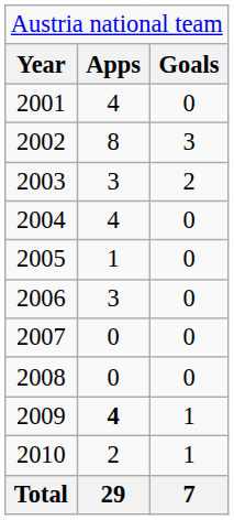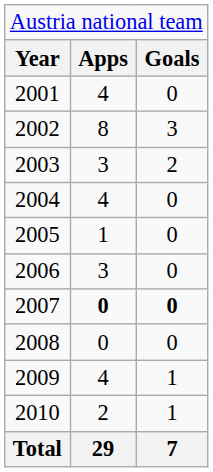 <table class="wikitable" style="text-align:center">
 <tr>
 <td colspan="3"><a href='#'>Austria national team</a></td>
 </tr>
 <tr>
 <th>Year</th>
 <th>Apps</th>
 <th>Goals</th>
 </tr>
 <tr>
 <td>2001</td>
 <td>4</td>
 <td>0</td>
 </tr>
 <tr>
 <td>2002</td>
 <td>8</td>
 <td>3</td>
 </tr>
 <tr>
 <td>2003</td>
 <td>3</td>
 <td>2</td>
 </tr>
 <tr>
 <td>2004</td>
 <td>4</td>
 <td>0</td>
 </tr>
 <tr>
 <td>2005</td>
 <td>1</td>
 <td>0</td>
 </tr>
 <tr>
 <td>2006</td>
 <td>3</td>
 <td>0</td>
 </tr>
 <tr>
 <td>2007</td>
-<td>0</td>
-<td>0</td>
+<td><strong>0</strong></td>
+<td><strong>0</strong></td>
 </tr>
 <tr>
 <td>2008</td>
 <td>0</td>
 <td>0</td>
 </tr>
 <tr>
 <td>2009</td>
-<td><strong>4</strong></td>
+<td>4</td>
 <td>1</td>
 </tr>
 <tr>
 <td>2010</td>
 <td>2</td>
 <td>1</td>
 </tr>
 <tr>
 <th>Total</th>
 <th>29</th>
 <th>7</th>
 </tr>
 </table>
